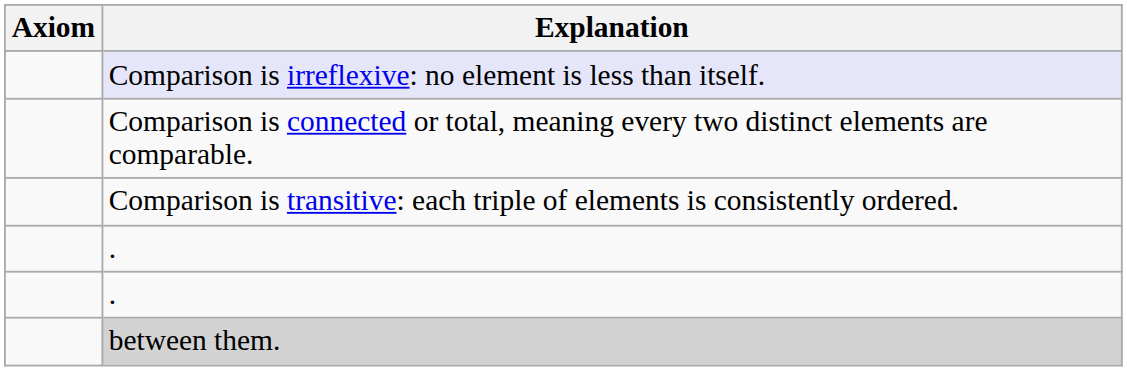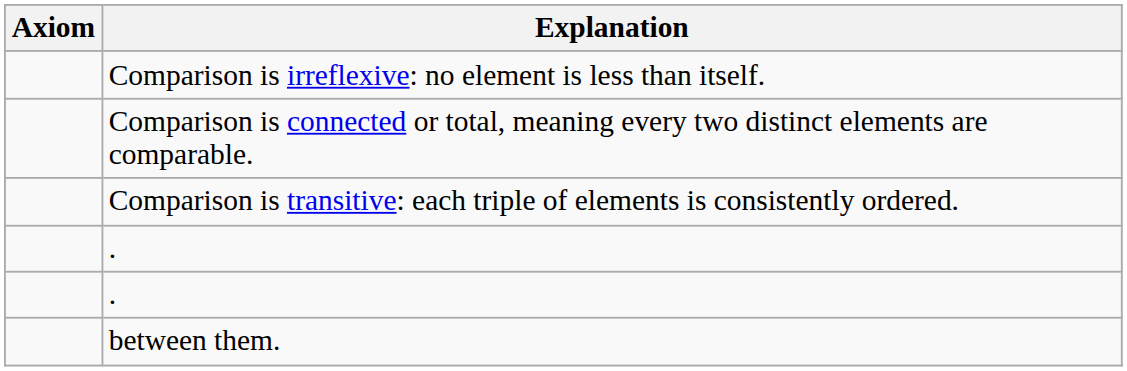 <table class=wikitable>
 <tr>
 <th>Axiom</th>
 <th>Explanation</th>
 </tr>
 <tr>
 <td></td>
-<td style="background: lavender;">Comparison is <a href='#'>irreflexive</a>: no element is less than itself.</td>
+<td>Comparison is <a href='#'>irreflexive</a>: no element is less than itself.</td>
 </tr>
 <tr>
 <td></td>
 <td>Comparison is <a href='#'>connected</a> or total, meaning every two distinct elements are comparable.</td>
 </tr>
 <tr>
 <td></td>
 <td>Comparison is <a href='#'>transitive</a>: each triple of elements is consistently ordered.</td>
 </tr>
 <tr>
 <td></td>
 <td>.</td>
 </tr>
 <tr>
 <td></td>
 <td>.</td>
 </tr>
 <tr>
 <td></td>
-<td style="background: lightgrey;"> between them.</td>
+<td> between them.</td>
 </tr>
 </table>
